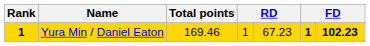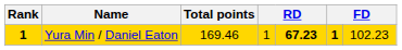 <table class="wikitable sortable">
 <tr>
 <th>Rank</th>
 <th>Name</th>
 <th>Total points</th>
 <th colspan="2" width="80px"><a href='#'>RD</a></th>
 <th colspan="2" width="80px"><a href='#'>FD</a></th>
 </tr>
 <tr bgcolor="gold">
 <td align="center"><strong>1</strong></td>
 <td><a href='#'>Yura Min</a> / <a href='#'>Daniel Eaton</a></td>
 <td align="center">169.46</td>
 <td align="center">1</td>
-<td align="center">67.23</td>
+<td align="center"><strong>67.23</strong></td>
 <td align="center"><strong>1</strong></td>
-<td align="center"><strong>102.23</strong></td>
+<td align="center">102.23</td>
 </tr>
 </table>
